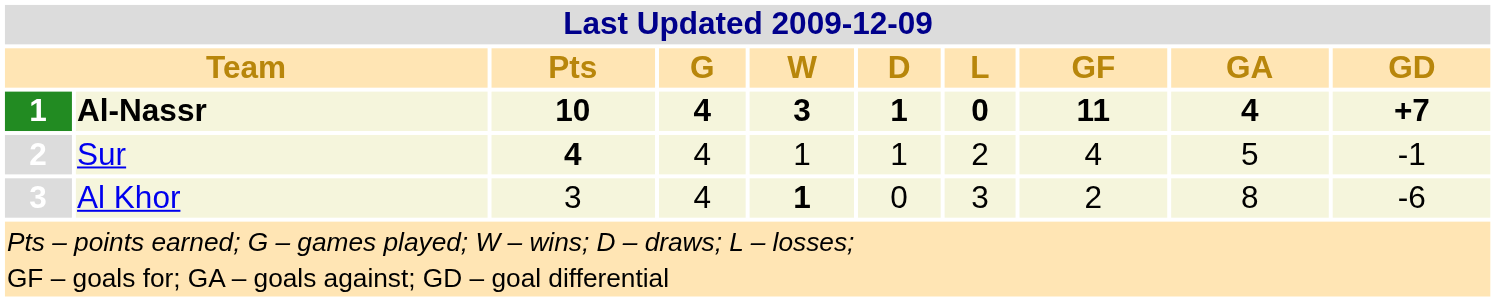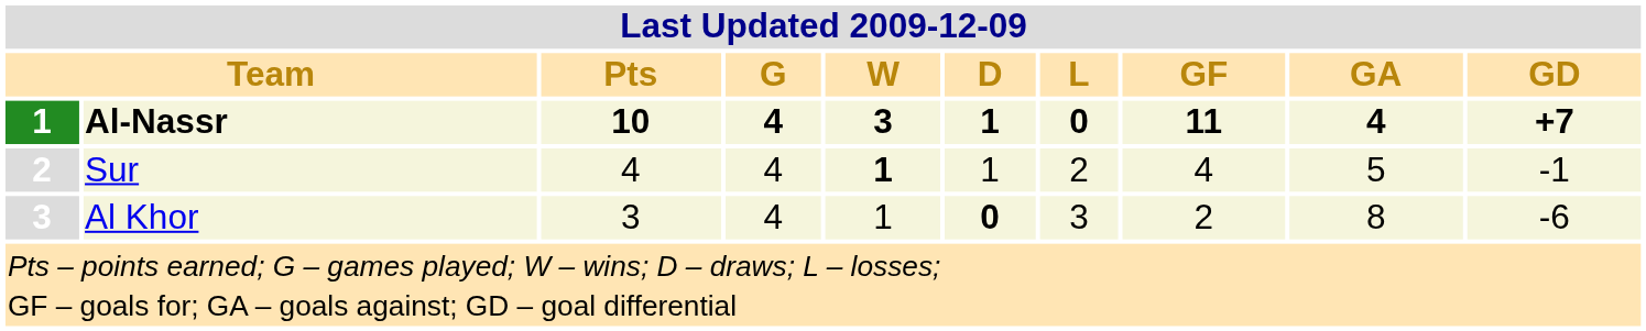 <table width=60%>
 <tr>
 <th colspan="10" bgcolor=#DCDCDC style="color:#00008B;">Last Updated 2009-12-09</th>
 </tr>
 <tr>
 <th colspan="2" bgcolor=#ffe5b4 style="color:#B8860B;">Team</th>
 <th bgcolor=#ffe5b4 align="center" style="color:#B8860B;">Pts</th>
 <th bgcolor=#ffe5b4 align="center" style="color:#B8860B;">G</th>
 <th bgcolor=#ffe5b4 align="center" style="color:#B8860B;">W</th>
 <th bgcolor=#ffe5b4 align="center" style="color:#B8860B;">D</th>
 <th bgcolor=#ffe5b4 align="center" style="color:#B8860B;">L</th>
 <th bgcolor=#ffe5b4 align="center" style="color:#B8860B;">GF</th>
 <th bgcolor=#ffe5b4 align="center" style="color:#B8860B;">GA</th>
 <th bgcolor=#ffe5b4 align="center" style="color:#B8860B;">GD</th>
 </tr>
 <tr>
 <th bgcolor=#228B22 align="center" style="color:white;">1</th>
 <td bgcolor=#f5f5dc> <strong>Al-Nassr</strong></td>
 <td bgcolor=#f5f5dc align="center"><strong>10</strong></td>
 <td bgcolor=#f5f5dc align="center"><strong>4</strong></td>
 <td bgcolor=#f5f5dc align="center"><strong>3</strong></td>
 <td bgcolor=#f5f5dc align="center"><strong>1</strong></td>
 <td bgcolor=#f5f5dc align="center"><strong>0</strong></td>
 <td bgcolor=#f5f5dc align="center"><strong>11</strong></td>
 <td bgcolor=#f5f5dc align="center"><strong>4</strong></td>
 <td bgcolor=#f5f5dc align="center"><strong>+7</strong></td>
 </tr>
 <tr>
 <th bgcolor=#DCDCDC align="center" style="color:white;">2</th>
 <td bgcolor=#f5f5dc> <a href='#'>Sur</a></td>
-<td bgcolor=#f5f5dc align="center"><strong>4</strong></td>
 <td bgcolor=#f5f5dc align="center">4</td>
-<td bgcolor=#f5f5dc align="center">1</td>
+<td bgcolor=#f5f5dc align="center">4</td>
+<td bgcolor=#f5f5dc align="center"><strong>1</strong></td>
 <td bgcolor=#f5f5dc align="center">1</td>
 <td bgcolor=#f5f5dc align="center">2</td>
 <td bgcolor=#f5f5dc align="center">4</td>
 <td bgcolor=#f5f5dc align="center">5</td>
 <td bgcolor=#f5f5dc align="center">-1</td>
 </tr>
 <tr>
 <th bgcolor=#DCDCDC align="center" style="color:white;">3</th>
 <td bgcolor=#f5f5dc> <a href='#'>Al Khor</a></td>
 <td bgcolor=#f5f5dc align="center">3</td>
 <td bgcolor=#f5f5dc align="center">4</td>
-<td bgcolor=#f5f5dc align="center"><strong>1</strong></td>
-<td bgcolor=#f5f5dc align="center">0</td>
+<td bgcolor=#f5f5dc align="center">1</td>
+<td bgcolor=#f5f5dc align="center"><strong>0</strong></td>
 <td bgcolor=#f5f5dc align="center">3</td>
 <td bgcolor=#f5f5dc align="center">2</td>
 <td bgcolor=#f5f5dc align="center">8</td>
 <td bgcolor=#f5f5dc align="center">-6</td>
 </tr>
 <tr bgcolor=#ffe5b4>
 <td colspan="10"><small><em>Pts – points earned; G – games played; W – wins; D – draws; L – losses;<br> </em>GF – goals for; GA – goals against; GD – goal differential</small></td>
 </tr>
 </table>
